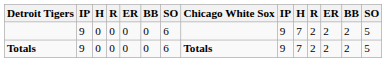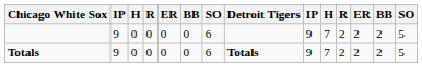 <table class="wikitable sortable">
 <tr>
-<th>Detroit Tigers</th>
+<th>Chicago White Sox</th>
 <th>IP</th>
 <th>H</th>
 <th>R</th>
 <th>ER</th>
 <th>BB</th>
 <th>SO</th>
-<th>Chicago White Sox</th>
+<th>Detroit Tigers</th>
 <th>IP</th>
 <th>H</th>
 <th>R</th>
 <th>ER</th>
 <th>BB</th>
 <th>SO</th>
 </tr>
 <tr>
 <td></td>
 <td>9</td>
 <td>0</td>
 <td>0</td>
 <td>0</td>
 <td>0</td>
 <td>6</td>
 <td></td>
 <td>9</td>
 <td>7</td>
 <td>2</td>
 <td>2</td>
 <td>2</td>
 <td>5</td>
 </tr>
 <tr>
 <td><strong>Totals</strong></td>
 <td>9</td>
 <td>0</td>
 <td>0</td>
 <td>0</td>
 <td>0</td>
 <td>6</td>
 <td><strong>Totals</strong></td>
 <td>9</td>
 <td>7</td>
 <td>2</td>
 <td>2</td>
 <td>2</td>
 <td>5</td>
 </tr>
 </table>
